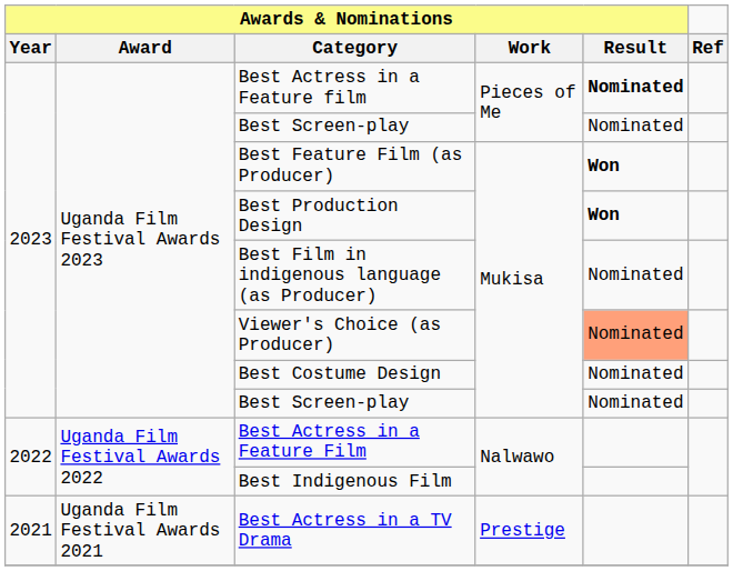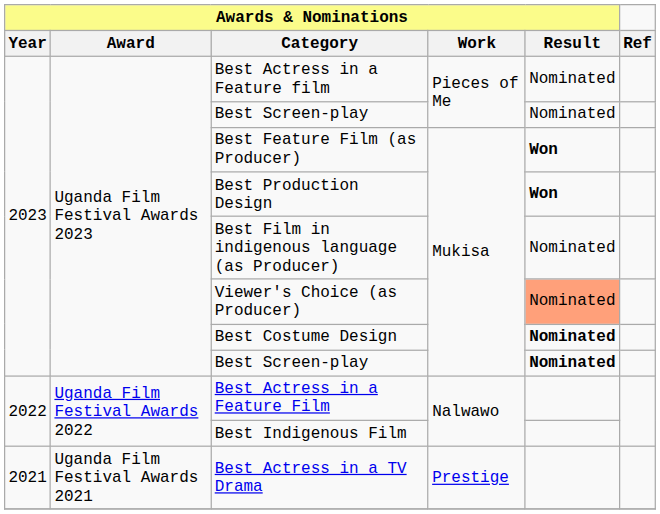 <table class="wikitable" width="60%">
 <tr>
 <th colspan="5" style="background: #FBFC8A;">Awards & Nominations</th>
 </tr>
 <tr style="background:#ccc; text-align:center;">
 <th>Year</th>
 <th>Award</th>
 <th>Category</th>
 <th>Work</th>
 <th>Result</th>
 <th>Ref</th>
 </tr>
 <tr>
 <td rowspan="8">2023</td>
 <td rowspan="8">Uganda Film Festival Awards 2023</td>
 <td>Best Actress in a Feature film</td>
 <td rowspan="2">Pieces of Me</td>
-<td><strong>Nominated</strong></td>
+<td>Nominated</td>
 <td></td>
 </tr>
 <tr>
 <td>Best Screen-play</td>
 <td>Nominated</td>
 <td></td>
 </tr>
 <tr>
 <td>Best Feature Film (as Producer)</td>
 <td rowspan="6">Mukisa</td>
 <td><strong>Won</strong></td>
 <td></td>
 </tr>
 <tr>
 <td>Best Production Design</td>
 <td><strong>Won</strong></td>
 <td></td>
 </tr>
 <tr>
 <td>Best Film in indigenous language (as Producer)</td>
 <td>Nominated</td>
 <td></td>
 </tr>
 <tr>
 <td>Viewer's Choice (as Producer)</td>
 <td style="background: lightsalmon;">Nominated</td>
 <td></td>
 </tr>
 <tr>
 <td>Best Costume Design</td>
-<td>Nominated</td>
+<td><strong>Nominated</strong></td>
 <td></td>
 </tr>
 <tr>
 <td>Best Screen-play</td>
-<td>Nominated</td>
+<td><strong>Nominated</strong></td>
 <td></td>
 </tr>
 <tr>
 <td rowspan="2">2022</td>
 <td rowspan="2"><a href='#'>Uganda Film Festival Awards</a> 2022</td>
 <td><a href='#'>Best Actress in a Feature Film</a></td>
 <td rowspan="2">Nalwawo</td>
 <td></td>
 <td rowspan="2"></td>
 </tr>
 <tr>
 <td>Best Indigenous Film</td>
 <td></td>
 </tr>
 <tr>
 <td>2021</td>
 <td>Uganda Film Festival Awards 2021</td>
 <td><a href='#'>Best Actress in a TV Drama</a></td>
 <td><a href='#'>Prestige</a></td>
 <td></td>
 <td></td>
 </tr>
 <tr>
 </tr>
 </table>
